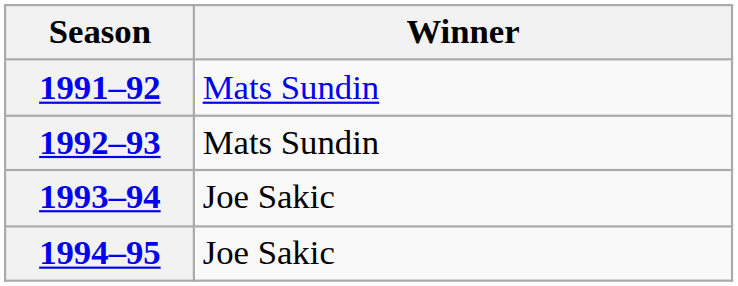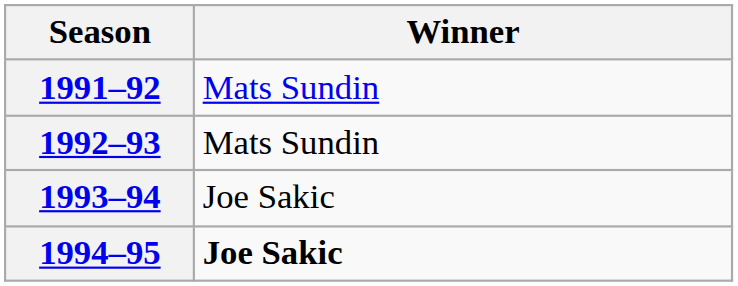 <table class="wikitable">
 <tr>
 <th scope="col" style="width:5em">Season</th>
 <th scope="col" style="width:15em">Winner</th>
 </tr>
 <tr>
 <th scope="row"><a href='#'>1991–92</a></th>
 <td><a href='#'>Mats Sundin</a></td>
 </tr>
 <tr>
 <th scope="row"><a href='#'>1992–93</a></th>
 <td>Mats Sundin</td>
 </tr>
 <tr>
 <th scope="row"><a href='#'>1993–94</a></th>
 <td>Joe Sakic</td>
 </tr>
 <tr>
 <th scope="row"><a href='#'>1994–95</a></th>
-<td>Joe Sakic</td>
+<td><strong>Joe Sakic</strong></td>
 </tr>
 </table>
